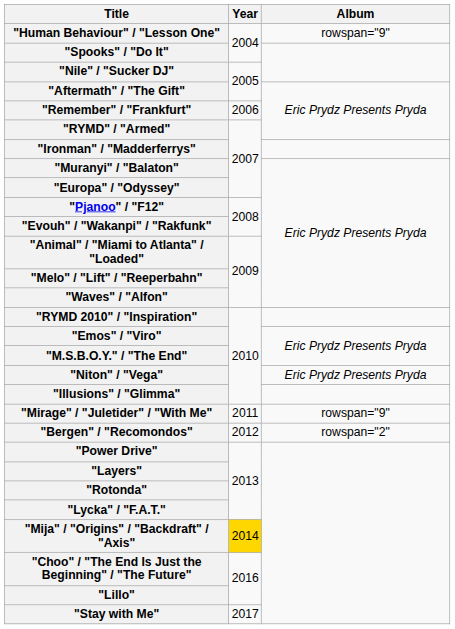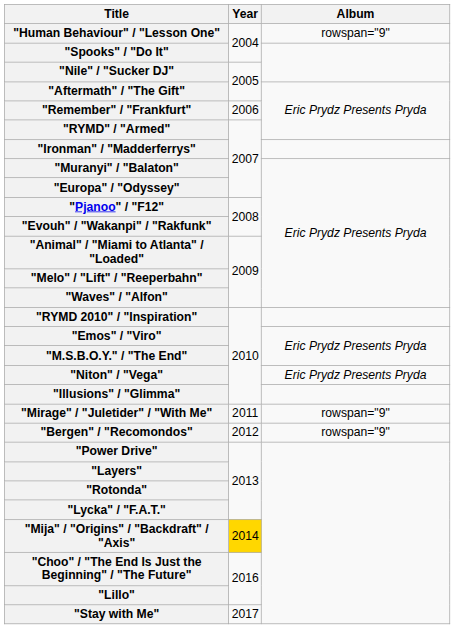 <table class="wikitable plainrowheaders" style="text-align:center;">
 <tr>
 <th scope="col" style="width:18em">Title</th>
 <th scope="col" style="width:1em">Year</th>
 <th scope="col" style="width:15em">Album</th>
 </tr>
 <tr>
 <th scope="row">"Human Behaviour" / "Lesson One"</th>
 <td rowspan="2">2004</td>
 <td>rowspan="9" </td>
 </tr>
 <tr>
 <th scope="row">"Spooks" / "Do It"</th>
 </tr>
 <tr>
 <th scope="row">"Nile" / "Sucker DJ"</th>
 <td rowspan="2">2005</td>
 </tr>
 <tr>
 <th scope="row">"Aftermath" / "The Gift"</th>
 <td rowspan="3"><em>Eric Prydz Presents Pryda</em></td>
 </tr>
 <tr>
 <th scope="row">"Remember" / "Frankfurt"</th>
 <td>2006</td>
 </tr>
 <tr>
 <th scope="row">"RYMD" / "Armed"</th>
 <td rowspan="4">2007</td>
 </tr>
 <tr>
 <th scope="row">"Ironman" / "Madderferrys"</th>
 <td></td>
 </tr>
 <tr>
 <th scope="row">"Muranyi" / "Balaton"</th>
 <td rowspan="7"><em>Eric Prydz Presents Pryda</em></td>
 </tr>
 <tr>
 <th scope="row">"Europa" / "Odyssey"</th>
 </tr>
 <tr>
 <th scope="row">"<a href='#'>Pjanoo</a>" / "F12"</th>
 <td rowspan="2">2008</td>
 </tr>
 <tr>
 <th scope="row">"Evouh" / "Wakanpi" / "Rakfunk"</th>
 </tr>
 <tr>
 <th scope="row">"Animal" / "Miami to Atlanta" / "Loaded"</th>
 <td rowspan="3">2009</td>
 </tr>
 <tr>
 <th scope="row">"Melo" / "Lift" / "Reeperbahn"</th>
 </tr>
 <tr>
 <th scope="row">"Waves" / "Alfon"</th>
 </tr>
 <tr>
 <th scope="row">"RYMD 2010" / "Inspiration"</th>
 <td rowspan="5">2010</td>
 <td></td>
 </tr>
 <tr>
 <th scope="row">"Emos" / "Viro"</th>
 <td rowspan="2"><em>Eric Prydz Presents Pryda</em></td>
 </tr>
 <tr>
 <th scope="row">"M.S.B.O.Y." / "The End"</th>
 </tr>
 <tr>
 <th scope="row">"Niton" / "Vega"</th>
 <td><em>Eric Prydz Presents Pryda</em></td>
 </tr>
 <tr>
 <th scope="row">"Illusions" / "Glimma"</th>
 </tr>
 <tr>
 <th scope="row">"Mirage" / "Juletider" / "With Me"</th>
 <td>2011</td>
 <td>rowspan="9" </td>
 </tr>
 <tr>
 <th scope="row">"Bergen" / "Recomondos"</th>
 <td>2012</td>
-<td>rowspan="2" </td>
+<td>rowspan="9" </td>
 </tr>
 <tr>
 <th scope="row">"Power Drive"</th>
 <td rowspan="4">2013</td>
 </tr>
 <tr>
 <th scope="row">"Layers"</th>
 </tr>
 <tr>
 <th scope="row">"Rotonda"</th>
 </tr>
 <tr>
 <th scope="row">"Lycka" / "F.A.T."</th>
 </tr>
 <tr>
 <th scope="row">"Mija" / "Origins" / "Backdraft" / "Axis"</th>
 <td style="background: gold;">2014</td>
 </tr>
 <tr>
 <th scope="row">"Choo" / "The End Is Just the Beginning" / "The Future"</th>
 <td rowspan="2">2016</td>
 </tr>
 <tr>
 <th scope="row">"Lillo"</th>
 </tr>
 <tr>
 <th scope="row">"Stay with Me"</th>
 <td>2017</td>
 </tr>
 </table>
